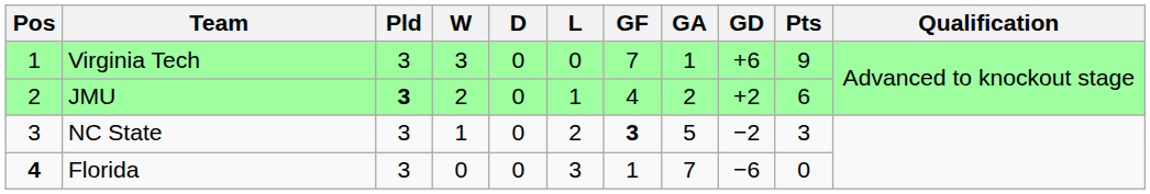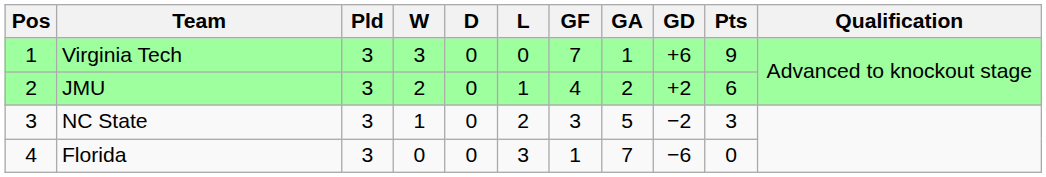 <table class="wikitable" style="text-align:center; margin: 1em auto">
 <tr>
 <th style="width:2em">Pos</th>
 <th style="width:13em">Team</th>
 <th style="width:2em">Pld</th>
 <th style="width:2em">W</th>
 <th style="width:2em">D</th>
 <th style="width:2em">L</th>
 <th style="width:2em">GF</th>
 <th style="width:2em">GA</th>
 <th style="width:2em">GD</th>
 <th style="width:2em">Pts</th>
 <th style="width:13em">Qualification</th>
 </tr>
 <tr bgcolor="#9eff9e">
 <td>1</td>
 <td style="text-align:left">Virginia Tech</td>
 <td>3</td>
 <td>3</td>
 <td>0</td>
 <td>0</td>
 <td>7</td>
 <td>1</td>
 <td>+6</td>
 <td>9</td>
 <td rowspan="2">Advanced to knockout stage</td>
 </tr>
 <tr bgcolor="#9eff9e">
 <td>2</td>
 <td style="text-align:left">JMU</td>
-<td><strong>3</strong></td>
+<td>3</td>
 <td>2</td>
 <td>0</td>
 <td>1</td>
 <td>4</td>
 <td>2</td>
 <td>+2</td>
 <td>6</td>
 </tr>
 <tr>
 <td>3</td>
 <td style="text-align:left">NC State</td>
 <td>3</td>
 <td>1</td>
 <td>0</td>
 <td>2</td>
-<td><strong>3</strong></td>
+<td>3</td>
 <td>5</td>
 <td>−2</td>
 <td>3</td>
 <td rowspan="2"></td>
 </tr>
 <tr>
-<td><strong>4</strong></td>
+<td>4</td>
 <td style="text-align:left">Florida</td>
 <td>3</td>
 <td>0</td>
 <td>0</td>
 <td>3</td>
 <td>1</td>
 <td>7</td>
 <td>−6</td>
 <td>0</td>
 </tr>
 </table>
